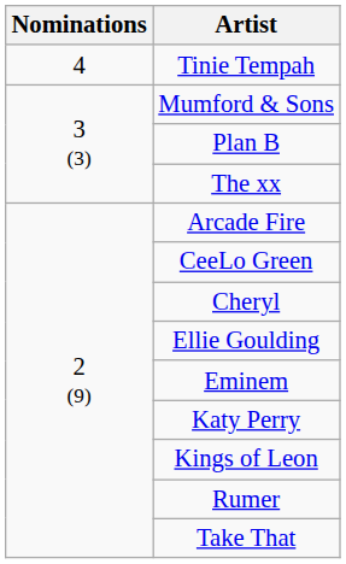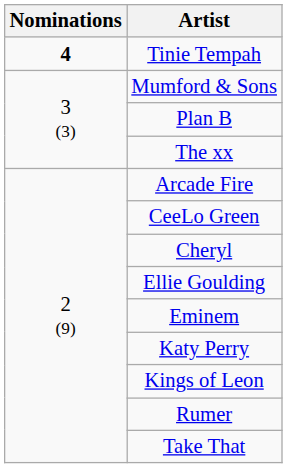 <table class="wikitable" rowspan="2" style="text-align:center;">
 <tr>
 <th scope="col" style="width:55px;">Nominations</th>
 <th scope="col" style="text-align:center;">Artist</th>
 </tr>
 <tr>
-<td>4</td>
+<td><strong>4</strong></td>
 <td><a href='#'>Tinie Tempah</a></td>
 </tr>
 <tr>
 <td rowspan="3">3<br><small>(3)</small></td>
 <td><a href='#'>Mumford & Sons</a></td>
 </tr>
 <tr>
 <td><a href='#'>Plan B</a></td>
 </tr>
 <tr>
 <td><a href='#'>The xx</a></td>
 </tr>
 <tr>
 <td rowspan="9">2<br><small>(9)</small></td>
 <td><a href='#'>Arcade Fire</a></td>
 </tr>
 <tr>
 <td><a href='#'>CeeLo Green</a></td>
 </tr>
 <tr>
 <td><a href='#'>Cheryl</a></td>
 </tr>
 <tr>
 <td><a href='#'>Ellie Goulding</a></td>
 </tr>
 <tr>
 <td><a href='#'>Eminem</a></td>
 </tr>
 <tr>
 <td><a href='#'>Katy Perry</a></td>
 </tr>
 <tr>
 <td><a href='#'>Kings of Leon</a></td>
 </tr>
 <tr>
 <td><a href='#'>Rumer</a></td>
 </tr>
 <tr>
 <td><a href='#'>Take That</a></td>
 </tr>
 </table>
